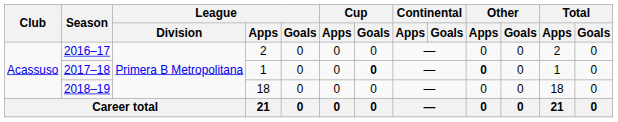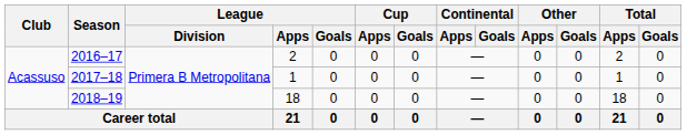 <table class="wikitable" style="text-align:center">
 <tr>
 <th rowspan="2">Club</th>
 <th rowspan="2">Season</th>
 <th colspan="3">League</th>
 <th colspan="2">Cup</th>
 <th colspan="2">Continental</th>
 <th colspan="2">Other</th>
 <th colspan="2">Total</th>
 </tr>
 <tr>
 <th>Division</th>
 <th>Apps</th>
 <th>Goals</th>
 <th>Apps</th>
 <th>Goals</th>
 <th>Apps</th>
 <th>Goals</th>
 <th>Apps</th>
 <th>Goals</th>
 <th>Apps</th>
 <th>Goals</th>
 </tr>
 <tr>
 <td rowspan="3"><a href='#'>Acassuso</a></td>
 <td><a href='#'>2016–17</a></td>
 <td rowspan="3"><a href='#'>Primera B Metropolitana</a></td>
 <td>2</td>
 <td>0</td>
 <td>0</td>
 <td>0</td>
 <td colspan="2">—</td>
 <td>0</td>
 <td>0</td>
 <td>2</td>
 <td>0</td>
 </tr>
 <tr>
 <td><a href='#'>2017–18</a></td>
 <td>1</td>
 <td>0</td>
 <td>0</td>
-<td><strong>0</strong></td>
+<td>0</td>
 <td colspan="2">—</td>
-<td><strong>0</strong></td>
+<td>0</td>
 <td>0</td>
 <td>1</td>
 <td>0</td>
 </tr>
 <tr>
 <td><a href='#'>2018–19</a></td>
 <td>18</td>
 <td>0</td>
 <td>0</td>
 <td>0</td>
 <td colspan="2">—</td>
 <td>0</td>
 <td>0</td>
 <td>18</td>
 <td>0</td>
 </tr>
 <tr>
 <th colspan="3">Career total</th>
 <th>21</th>
 <th>0</th>
 <th>0</th>
 <th>0</th>
 <th colspan="2">—</th>
 <th>0</th>
 <th>0</th>
 <th>21</th>
 <th>0</th>
 </tr>
 </table>
